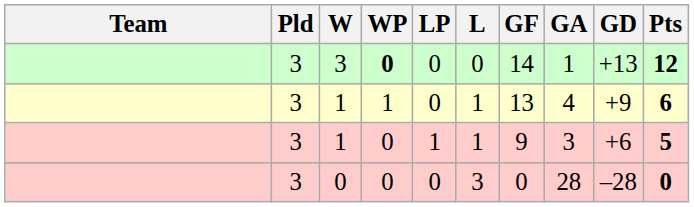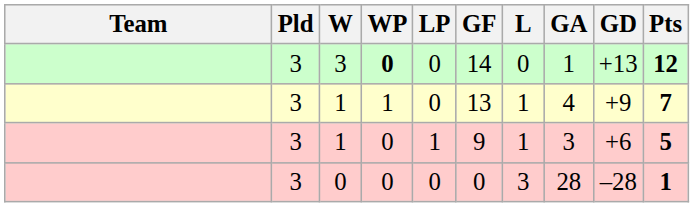 <table class="wikitable" style="text-align:center;">
 <tr>
 <th width=165>Team</th>
 <th width=20>Pld</th>
 <th width=20>W</th>
 <th width=20>WP</th>
 <th width=20>LP</th>
+<th width=20>GF</th>
 <th width=20>L</th>
-<th width=20>GF</th>
 <th width=20>GA</th>
 <th width=20>GD</th>
 <th width=20>Pts</th>
 </tr>
 <tr align=center style="background:#CCFFCC">
 <td style="text-align:left;"></td>
 <td>3</td>
 <td>3</td>
 <td><strong>0</strong></td>
 <td>0</td>
+<td>14</td>
 <td>0</td>
-<td>14</td>
 <td>1</td>
 <td>+13</td>
 <td><strong>12</strong></td>
 </tr>
 <tr align=center style="background:#FFFFCC">
 <td style="text-align:left;"></td>
 <td>3</td>
 <td>1</td>
 <td>1</td>
 <td>0</td>
+<td>13</td>
 <td>1</td>
-<td>13</td>
 <td>4</td>
 <td>+9</td>
-<td><strong>6</strong></td>
+<td><strong>7</strong></td>
 </tr>
 <tr align=center style="background:#FFCCCC">
 <td style="text-align:left;"></td>
 <td>3</td>
 <td>1</td>
 <td>0</td>
 <td>1</td>
+<td>9</td>
 <td>1</td>
-<td>9</td>
 <td>3</td>
 <td>+6</td>
 <td><strong>5</strong></td>
 </tr>
 <tr align=center style="background:#FFCCCC">
 <td style="text-align:left;"></td>
 <td>3</td>
 <td>0</td>
 <td>0</td>
 <td>0</td>
+<td>0</td>
 <td>3</td>
-<td>0</td>
 <td>28</td>
 <td>–28</td>
-<td><strong>0</strong></td>
+<td><strong>1</strong></td>
 </tr>
 </table>
